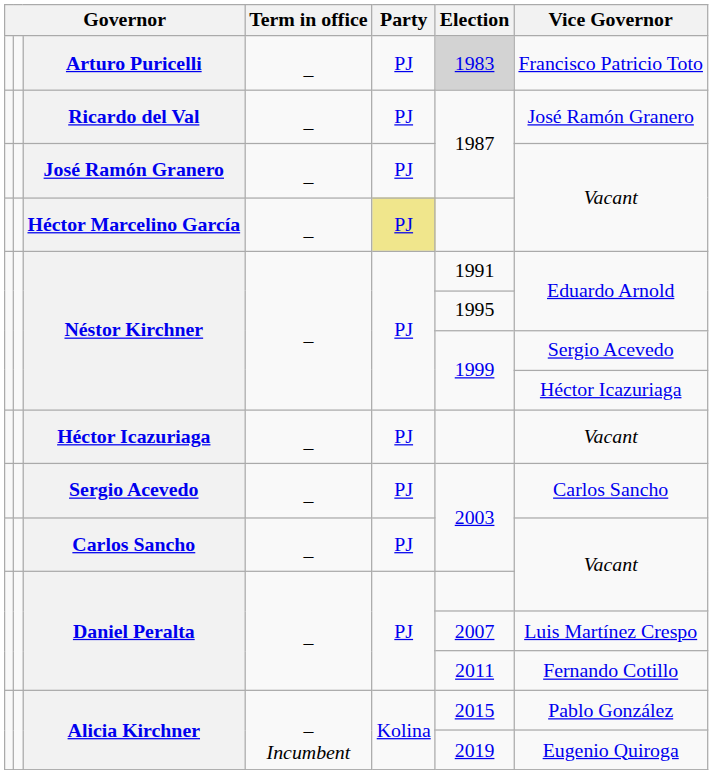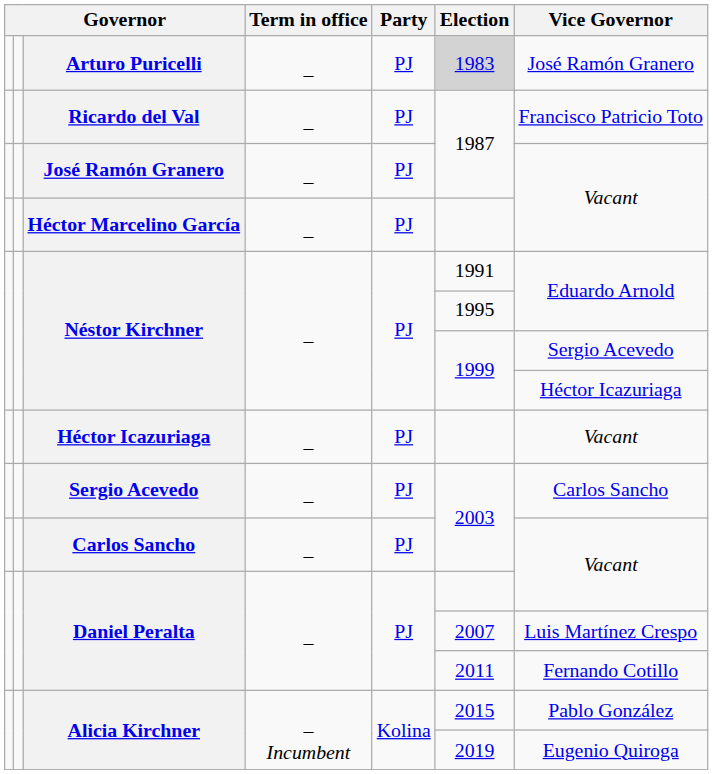 <table class="wikitable sortable" style="text-align: center;">
 <tr>
 <th scope="col" colspan="3">Governor</th>
 <th scope="col">Term in office</th>
 <th scope="col">Party</th>
 <th scope="col">Election</th>
 <th scope="col">Vice Governor</th>
 </tr>
 <tr style="height:2em;">
 <td data-sort-value="Puricelli, Arturo"></td>
 <td style="background:"></td>
 <th scope="row"><a href='#'>Arturo Puricelli</a></th>
 <td><br>–<br></td>
 <td><a href='#'>PJ</a></td>
 <td style="background: lightgrey;"><a href='#'>1983</a></td>
-<td data-sort-value="Toto, Francisco Patricio"><a href='#'>Francisco Patricio Toto</a></td>
+<td data-sort-value="Granero, José Ramón"><a href='#'>José Ramón Granero</a></td>
 </tr>
 <tr style="height:2em;">
 <td data-sort-value="Del Val, Ricardo"></td>
 <td style="background:"></td>
 <th scope="row"><a href='#'>Ricardo del Val</a></th>
 <td><br>–<br></td>
 <td><a href='#'>PJ</a></td>
 <td rowspan="2">1987</td>
-<td data-sort-value="Granero, José Ramón"><a href='#'>José Ramón Granero</a></td>
+<td data-sort-value="Toto, Francisco Patricio"><a href='#'>Francisco Patricio Toto</a></td>
 </tr>
 <tr style="height:2em;">
 <td data-sort-value="Granero, José Ramón"></td>
 <td style="background:"></td>
 <th scope="row"><a href='#'>José Ramón Granero</a></th>
 <td><br>–<br></td>
 <td><a href='#'>PJ</a></td>
 <td rowspan="2"><em>Vacant</em></td>
 </tr>
 <tr style="height:2em;">
 <td data-sort-value="García, Héctor Marcelino"></td>
 <td style="background:"></td>
 <th scope="row"><a href='#'>Héctor Marcelino García</a></th>
 <td><br>–<br></td>
-<td style="background: khaki;"><a href='#'>PJ</a></td>
+<td><a href='#'>PJ</a></td>
 <td></td>
 </tr>
 <tr style="height:2em;">
 <td rowspan="4" data-sort-value="Kirchner, Néstor"></td>
 <td rowspan="4" style="background:"></td>
 <th rowspan="4" scope="row"><a href='#'>Néstor Kirchner</a></th>
 <td rowspan="4"><br>–<br></td>
 <td rowspan="4"><a href='#'>PJ</a></td>
 <td>1991</td>
 <td rowspan="2" data-sort-value="Arnold, Eduardo"><a href='#'>Eduardo Arnold</a></td>
 </tr>
 <tr style="height:2em;">
 <td>1995</td>
 </tr>
 <tr style="height:2em;">
 <td rowspan="2"><a href='#'>1999</a></td>
 <td data-sort-value="Acevedo, Sergio"><a href='#'>Sergio Acevedo</a></td>
 </tr>
 <tr style="height:2em;">
 <td data-sort-value="Icazuriaga, Héctor"><a href='#'>Héctor Icazuriaga</a></td>
 </tr>
 <tr style="height:2em;">
 <td data-sort-value="Icazuriaga, Héctor"></td>
 <td style="background:"></td>
 <th scope="row"><a href='#'>Héctor Icazuriaga</a></th>
 <td><br>–<br></td>
 <td><a href='#'>PJ</a></td>
 <td></td>
 <td><em>Vacant</em></td>
 </tr>
 <tr style="height:2em;">
 <td data-sort-value="Acevedo, Sergio"></td>
 <td style="background:"></td>
 <th scope="row"><a href='#'>Sergio Acevedo</a></th>
 <td><br>–<br></td>
 <td><a href='#'>PJ</a></td>
 <td rowspan="2"><a href='#'>2003</a></td>
 <td data-sort-value="Sancho, Carlos"><a href='#'>Carlos Sancho</a></td>
 </tr>
 <tr style="height:2em;">
 <td data-sort-value="Sancho, Carlos"></td>
 <td style="background:"></td>
 <th scope="row"><a href='#'>Carlos Sancho</a></th>
 <td><br>–<br></td>
 <td><a href='#'>PJ</a></td>
 <td rowspan="2"><em>Vacant</em></td>
 </tr>
 <tr style="height:2em;">
 <td rowspan="3" data-sort-value="Peralta, Daniel "></td>
 <td rowspan="3" style="background:"></td>
 <th rowspan="3" scope="row"><a href='#'>Daniel Peralta</a></th>
 <td rowspan="3"><br>–<br></td>
 <td rowspan="3"><a href='#'>PJ</a></td>
 <td></td>
 </tr>
 <tr style="height:2em;">
 <td><a href='#'>2007</a></td>
 <td data-sort-value="Martínez Crespo, Luis"><a href='#'>Luis Martínez Crespo</a></td>
 </tr>
 <tr style="height:2em;">
 <td><a href='#'>2011</a></td>
 <td data-sort-value="Cotillo, Fernando"><a href='#'>Fernando Cotillo</a></td>
 </tr>
 <tr style="height:2em;">
 <td rowspan="2" data-sort-value="Kirchner, Alicia "></td>
 <td rowspan="2" style="background:"></td>
 <th rowspan="2" scope="row"><a href='#'>Alicia Kirchner</a></th>
 <td rowspan="2"><br>–<br><em>Incumbent</em></td>
 <td rowspan="2"><a href='#'>Kolina</a></td>
 <td><a href='#'>2015</a></td>
 <td data-sort-value="González, Pablo"><a href='#'>Pablo González</a></td>
 </tr>
 <tr style="height:2em;">
 <td><a href='#'>2019</a></td>
 <td data-sort-value="Quiroga, Eugenio"><a href='#'>Eugenio Quiroga</a></td>
 </tr>
 </table>
